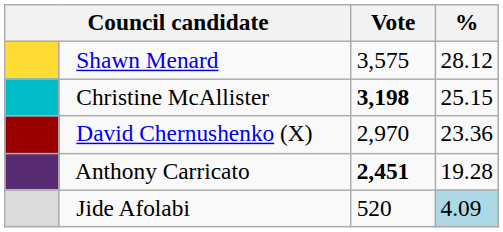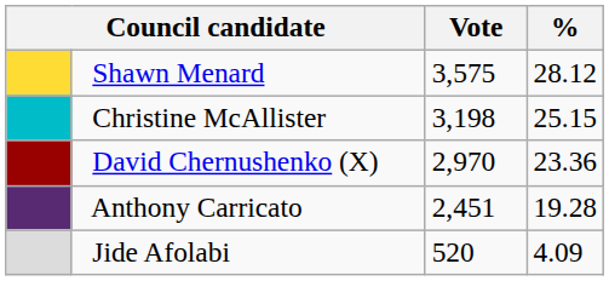 <table class="wikitable">
 <tr>
 <th bgcolor="#DDDDFF" width="230px" colspan="2">Council candidate</th>
 <th bgcolor="#DDDDFF" width="50px">Vote</th>
 <th bgcolor="#DDDDFF" width="30px">%</th>
 </tr>
 <tr>
 <td bgcolor=#FEDC34 width="30px"> </td>
 <td>  <a href='#'>Shawn Menard</a></td>
 <td>3,575</td>
 <td>28.12</td>
 </tr>
 <tr>
 <td bgcolor=#00BCC8 width="30px"> </td>
 <td>  Christine McAllister</td>
-<td><strong>3,198</strong></td>
+<td>3,198</td>
 <td>25.15</td>
 </tr>
 <tr>
 <td bgcolor=#990000 width="30px"> </td>
 <td>  <a href='#'>David Chernushenko</a> (X)</td>
 <td>2,970</td>
 <td>23.36</td>
 </tr>
 <tr>
 <td bgcolor=#582A72 width="30px"> </td>
 <td>  Anthony Carricato</td>
-<td><strong>2,451</strong></td>
+<td>2,451</td>
 <td>19.28</td>
 </tr>
 <tr>
 <td bgcolor=#DCDCDC width="30px"> </td>
 <td>  Jide Afolabi</td>
 <td>520</td>
-<td style="background: lightblue;">4.09</td>
+<td>4.09</td>
 </tr>
 </table>
